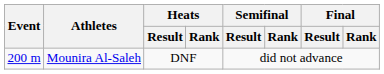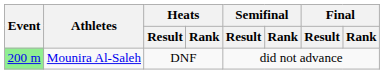 <table class="wikitable" border="1" style="font-size:90%">
 <tr>
 <th rowspan="2">Event</th>
 <th rowspan="2">Athletes</th>
 <th colspan="2">Heats</th>
 <th colspan="2">Semifinal</th>
 <th colspan="2">Final</th>
 </tr>
 <tr>
 <th>Result</th>
 <th>Rank</th>
 <th>Result</th>
 <th>Rank</th>
 <th>Result</th>
 <th>Rank</th>
 </tr>
 <tr>
-<td><a href='#'>200 m</a></td>
+<td style="background: lightgreen;"><a href='#'>200 m</a></td>
 <td><a href='#'>Mounira Al-Saleh</a></td>
 <td align=center colspan=2>DNF</td>
 <td align=center colspan=4>did not advance</td>
 </tr>
 </table>
